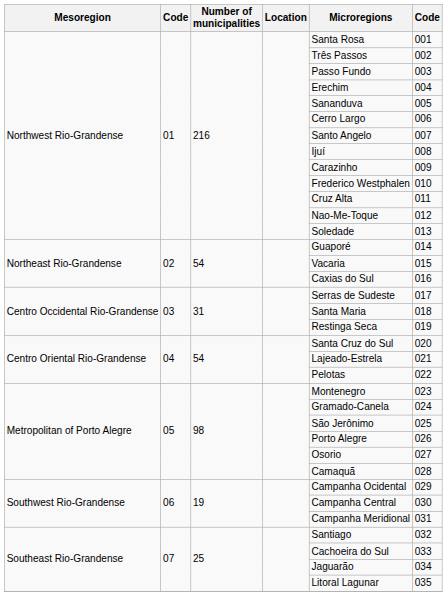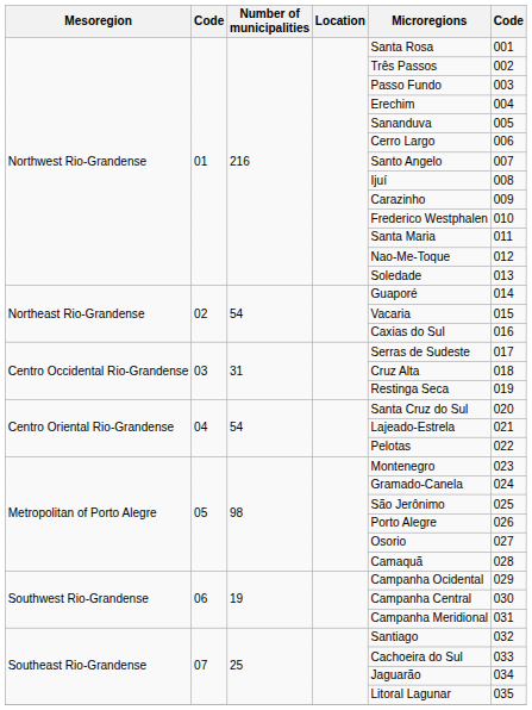 <table class="wikitable sortable">
 <tr>
 <th>Mesoregion</th>
 <th>Code</th>
 <th>Number of<br>municipalities</th>
 <th>Location</th>
 <th>Microregions</th>
 <th>Code</th>
 </tr>
 <tr>
 <td rowspan="13">Northwest Rio-Grandense</td>
 <td rowspan="13">01</td>
 <td rowspan="13">216</td>
 <td rowspan="13"></td>
 <td>Santa Rosa</td>
 <td>001</td>
 </tr>
 <tr>
 <td>Três Passos</td>
 <td>002</td>
 </tr>
 <tr>
 <td>Passo Fundo</td>
 <td>003</td>
 </tr>
 <tr>
 <td>Erechim</td>
 <td>004</td>
 </tr>
 <tr>
 <td>Sananduva</td>
 <td>005</td>
 </tr>
 <tr>
 <td>Cerro Largo</td>
 <td>006</td>
 </tr>
 <tr>
 <td>Santo Angelo</td>
 <td>007</td>
 </tr>
 <tr>
 <td>Ijuí</td>
 <td>008</td>
 </tr>
 <tr>
 <td>Carazinho</td>
 <td>009</td>
 </tr>
 <tr>
 <td>Frederico Westphalen</td>
 <td>010</td>
 </tr>
 <tr>
-<td>Cruz Alta</td>
+<td>Santa Maria</td>
 <td>011</td>
 </tr>
 <tr>
 <td>Nao-Me-Toque</td>
 <td>012</td>
 </tr>
 <tr>
 <td>Soledade</td>
 <td>013</td>
 </tr>
 <tr>
 <td rowspan="3">Northeast Rio-Grandense</td>
 <td rowspan="3">02</td>
 <td rowspan="3">54</td>
 <td rowspan="3"></td>
 <td>Guaporé</td>
 <td>014</td>
 </tr>
 <tr>
 <td>Vacaria</td>
 <td>015</td>
 </tr>
 <tr>
 <td>Caxias do Sul</td>
 <td>016</td>
 </tr>
 <tr>
 <td rowspan="3">Centro Occidental Rio-Grandense</td>
 <td rowspan="3">03</td>
 <td rowspan="3">31</td>
 <td rowspan="3"></td>
 <td>Serras de Sudeste</td>
 <td>017</td>
 </tr>
 <tr>
-<td>Santa Maria</td>
+<td>Cruz Alta</td>
 <td>018</td>
 </tr>
 <tr>
 <td>Restinga Seca</td>
 <td>019</td>
 </tr>
 <tr>
 <td rowspan="3">Centro Oriental Rio-Grandense</td>
 <td rowspan="3">04</td>
 <td rowspan="3">54</td>
 <td rowspan="3"></td>
 <td>Santa Cruz do Sul</td>
 <td>020</td>
 </tr>
 <tr>
 <td>Lajeado-Estrela</td>
 <td>021</td>
 </tr>
 <tr>
 <td>Pelotas</td>
 <td>022</td>
 </tr>
 <tr>
 <td rowspan="6">Metropolitan of Porto Alegre</td>
 <td rowspan="6">05</td>
 <td rowspan="6">98</td>
 <td rowspan="6"></td>
 <td>Montenegro</td>
 <td>023</td>
 </tr>
 <tr>
 <td>Gramado-Canela</td>
 <td>024</td>
 </tr>
 <tr>
 <td>São Jerônimo</td>
 <td>025</td>
 </tr>
 <tr>
 <td>Porto Alegre</td>
 <td>026</td>
 </tr>
 <tr>
 <td>Osorio</td>
 <td>027</td>
 </tr>
 <tr>
 <td>Camaquã</td>
 <td>028</td>
 </tr>
 <tr>
 <td rowspan="3">Southwest Rio-Grandense</td>
 <td rowspan="3">06</td>
 <td rowspan="3">19</td>
 <td rowspan="3"></td>
 <td>Campanha Ocidental</td>
 <td>029</td>
 </tr>
 <tr>
 <td>Campanha Central</td>
 <td>030</td>
 </tr>
 <tr>
 <td>Campanha Meridional</td>
 <td>031</td>
 </tr>
 <tr>
 <td rowspan="4">Southeast Rio-Grandense</td>
 <td rowspan="4">07</td>
 <td rowspan="4">25</td>
 <td rowspan="4"></td>
 <td>Santiago</td>
 <td>032</td>
 </tr>
 <tr>
 <td>Cachoeira do Sul</td>
 <td>033</td>
 </tr>
 <tr>
 <td>Jaguarão</td>
 <td>034</td>
 </tr>
 <tr>
 <td>Litoral Lagunar</td>
 <td>035</td>
 </tr>
 <tr>
 </tr>
 </table>
